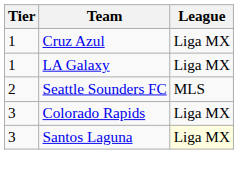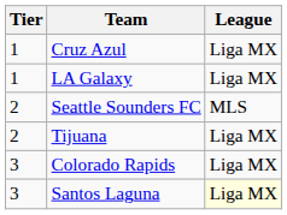 <table class="wikitable" style="white-space:nowrap; display:inline-table;">
 <tr>
 <th>Tier</th>
 <th>Team</th>
 <th>League</th>
 </tr>
 <tr>
 <td>1</td>
 <td><a href='#'>Cruz Azul</a></td>
 <td>Liga MX</td>
 </tr>
 <tr>
 <td>1</td>
 <td><a href='#'>LA Galaxy</a></td>
 <td>Liga MX</td>
 </tr>
 <tr>
 <td>2</td>
 <td><a href='#'>Seattle Sounders FC</a></td>
 <td>MLS</td>
 </tr>
 <tr>
+<td>2</td>
+<td><a href='#'>Tijuana</a></td>
+<td>Liga MX</td>
+</tr>
+<tr>
 <td>3</td>
 <td><a href='#'>Colorado Rapids</a></td>
 <td>Liga MX</td>
 </tr>
 <tr>
 <td>3</td>
 <td><a href='#'>Santos Laguna</a></td>
 <td style="background: lightyellow;">Liga MX</td>
 </tr>
 </table>
